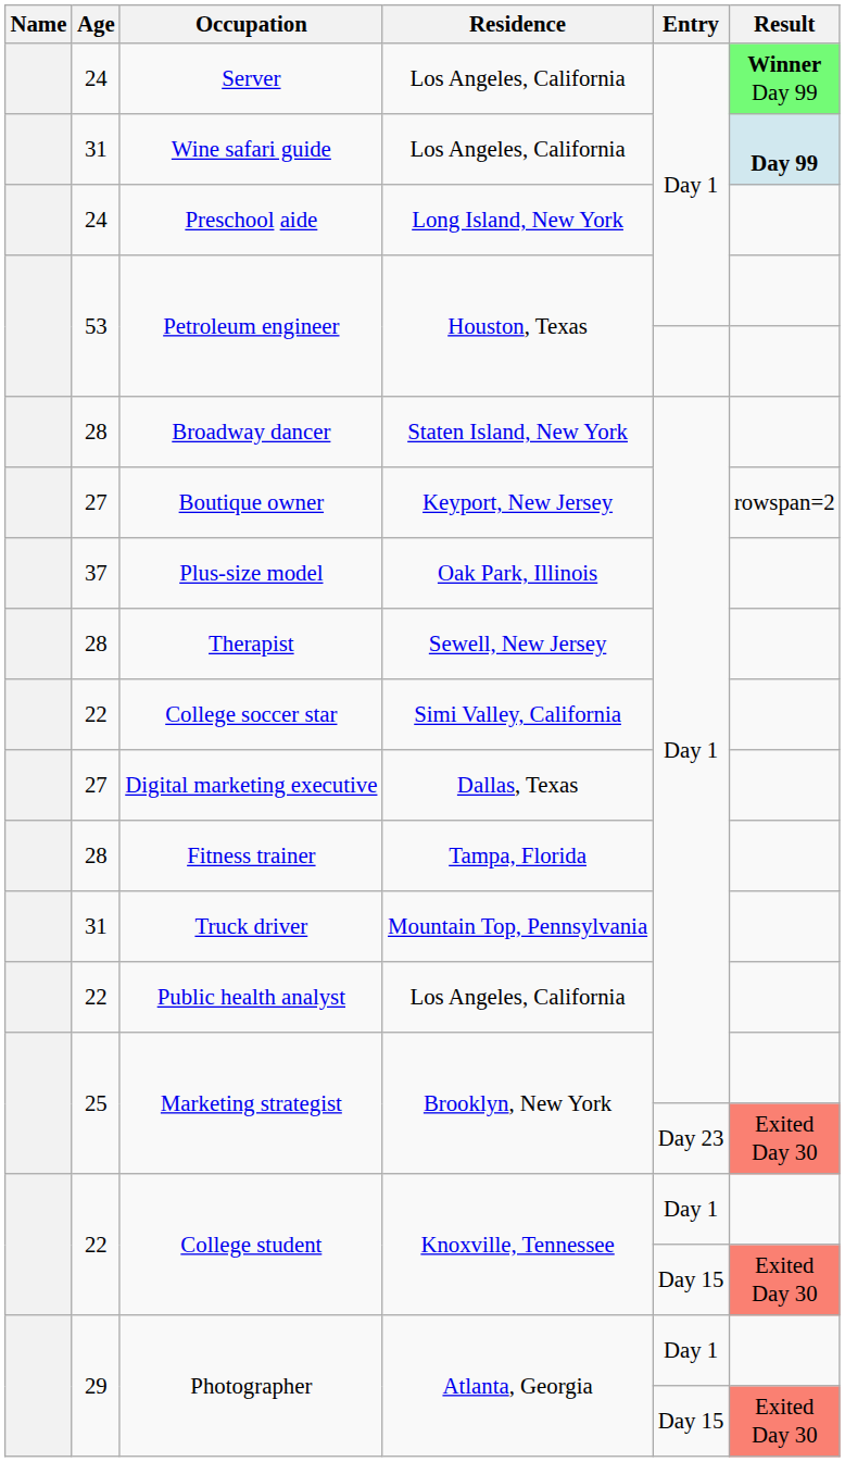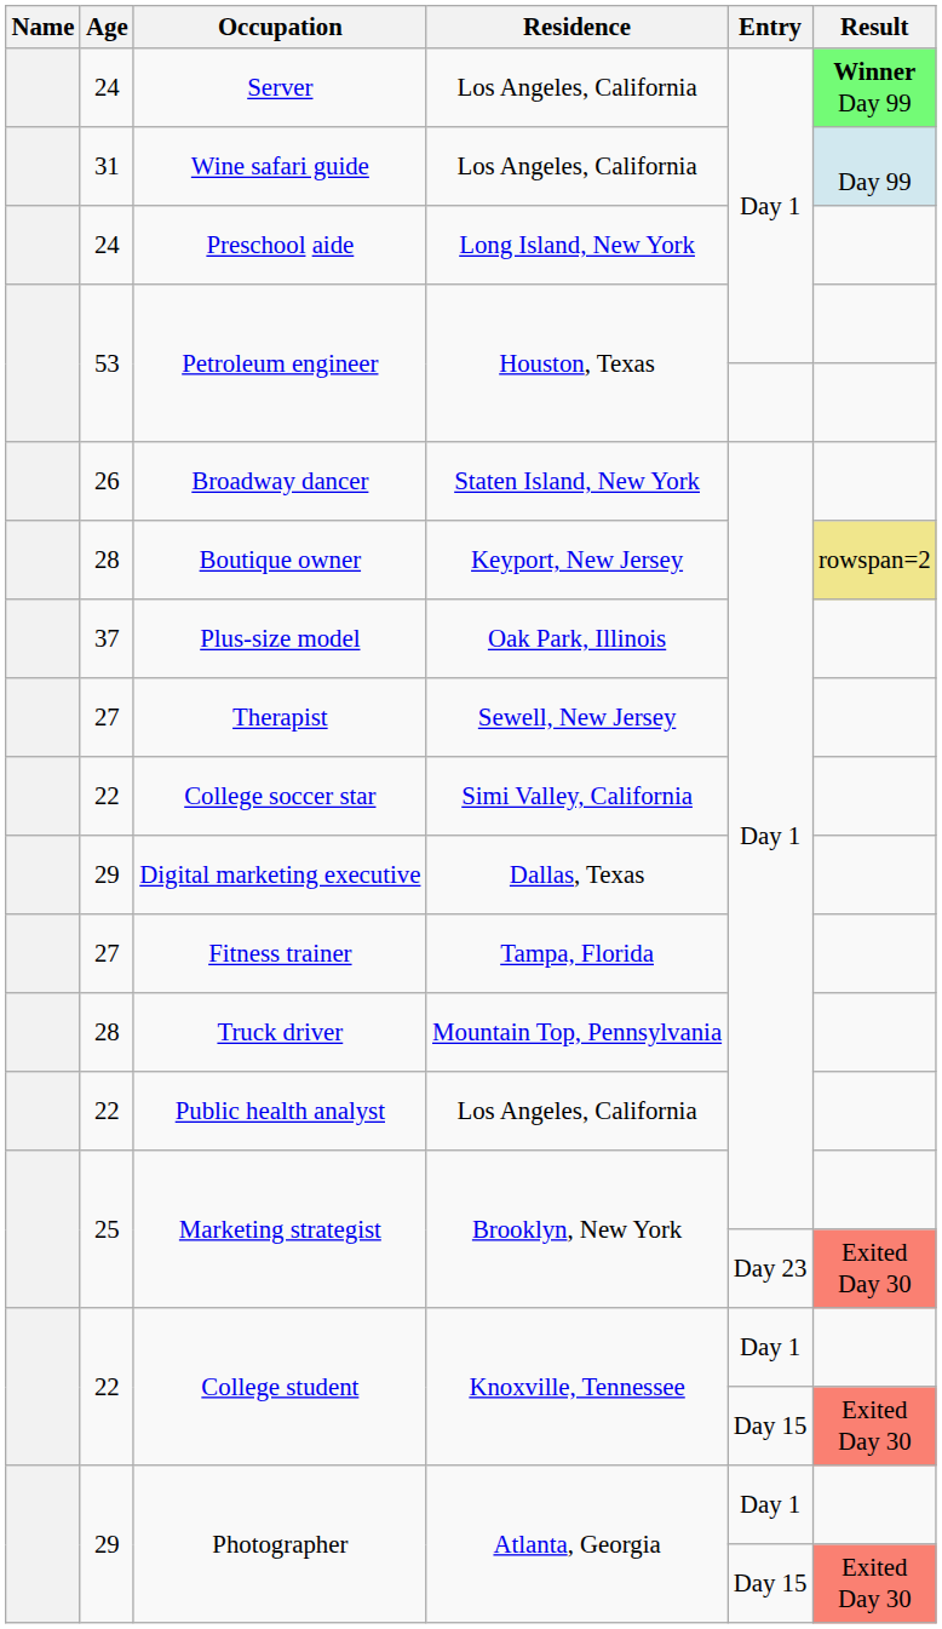 <table class="wikitable sortable" style="text-align:center; line-height:20px; ">
 <tr>
 <th scope="col">Name</th>
 <th scope="col">Age</th>
 <th scope="col" class="unsortable">Occupation</th>
 <th scope="col" class="unsortable">Residence</th>
 <th scope="col" class="unsortable">Entry</th>
 <th scope="col" class="unsortable">Result</th>
 </tr>
 <tr style="height:50px">
 <th scope="row"></th>
 <td>24</td>
 <td><a href='#'>Server</a></td>
 <td>Los Angeles, California</td>
 <td rowspan="4">Day 1</td>
 <td bgcolor="73FB76"><strong>Winner</strong><br>Day 99</td>
 </tr>
 <tr style="height:50px">
 <th scope="row"></th>
 <td>31</td>
 <td><a href='#'>Wine safari guide</a></td>
 <td>Los Angeles, California</td>
-<td bgcolor="D1E8EF"><strong><br>Day 99</strong></td>
+<td bgcolor="D1E8EF"><br>Day 99</td>
 </tr>
 <tr style="height:50px">
 <th scope="row"></th>
 <td>24</td>
 <td><a href='#'>Preschool</a> <a href='#'>aide</a></td>
 <td><a href='#'>Long Island, New York</a></td>
 <td></td>
 </tr>
 <tr style="height:50px">
 <th scope="row" rowspan="2"></th>
 <td rowspan="2">53</td>
 <td rowspan="2"><a href='#'>Petroleum engineer</a></td>
 <td rowspan="2"><a href='#'>Houston</a>, Texas</td>
 <td></td>
 </tr>
 <tr style="height:50px">
 <td></td>
 <td></td>
 </tr>
 <tr style="height:50px">
 <th scope="row"></th>
-<td>28</td>
+<td>26</td>
 <td><a href='#'>Broadway dancer</a></td>
 <td><a href='#'>Staten Island, New York</a></td>
 <td rowspan=10>Day 1</td>
 <td></td>
 </tr>
 <tr style="height:50px">
 <th scope="row"></th>
-<td>27</td>
+<td>28</td>
 <td><a href='#'>Boutique owner</a></td>
 <td><a href='#'>Keyport, New Jersey</a></td>
-<td>rowspan=2 </td>
+<td style="background: khaki;">rowspan=2 </td>
 </tr>
 <tr style="height:50px">
 <th scope="row"></th>
 <td>37</td>
 <td><a href='#'>Plus-size model</a></td>
 <td><a href='#'>Oak Park, Illinois</a></td>
 </tr>
 <tr style="height:50px">
 <th scope="row"></th>
-<td>28</td>
+<td>27</td>
 <td><a href='#'>Therapist</a></td>
 <td><a href='#'>Sewell, New Jersey</a></td>
 <td></td>
 </tr>
 <tr style="height:50px">
 <th scope="row"></th>
 <td>22</td>
 <td><a href='#'>College soccer star</a></td>
 <td><a href='#'>Simi Valley, California</a></td>
 <td></td>
 </tr>
 <tr style="height:50px">
 <th scope="row"></th>
-<td>27</td>
+<td>29</td>
 <td><a href='#'>Digital marketing executive</a></td>
 <td><a href='#'>Dallas</a>, Texas</td>
 <td></td>
 </tr>
 <tr style="height:50px">
 <th scope="row"></th>
-<td>28</td>
+<td>27</td>
 <td><a href='#'>Fitness trainer</a></td>
 <td><a href='#'>Tampa, Florida</a></td>
 <td></td>
 </tr>
 <tr style="height:50px">
 <th scope="row"></th>
-<td>31</td>
+<td>28</td>
 <td><a href='#'>Truck driver</a></td>
 <td><a href='#'>Mountain Top, Pennsylvania</a></td>
 <td></td>
 </tr>
 <tr style="height:50px">
 <th scope="row"></th>
 <td>22</td>
 <td><a href='#'>Public health analyst</a></td>
 <td>Los Angeles, California</td>
 <td></td>
 </tr>
 <tr style="height:50px">
 <th rowspan="2" scope="row"></th>
 <td rowspan="2">25</td>
 <td rowspan="2"><a href='#'>Marketing strategist</a></td>
 <td rowspan="2"><a href='#'>Brooklyn</a>, New York</td>
 <td></td>
 </tr>
 <tr style="height:50px">
 <td>Day 23</td>
 <td bgcolor="salmon">Exited<br>Day 30</td>
 </tr>
 <tr style="height:50px">
 <th rowspan="2" scope="row"></th>
 <td rowspan="2">22</td>
 <td rowspan="2"><a href='#'>College student</a></td>
 <td rowspan="2"><a href='#'>Knoxville, Tennessee</a></td>
 <td>Day 1</td>
 <td></td>
 </tr>
 <tr style="height:50px">
 <td>Day 15</td>
 <td bgcolor="salmon">Exited<br>Day 30</td>
 </tr>
 <tr style="height:50px">
 <th rowspan="2" scope="row"></th>
 <td rowspan="2">29</td>
 <td rowspan="2">Photographer</td>
 <td rowspan="2"><a href='#'>Atlanta</a>, Georgia</td>
 <td>Day 1</td>
 <td></td>
 </tr>
 <tr style="height:50px">
 <td>Day 15</td>
 <td bgcolor="salmon">Exited<br>Day 30</td>
 </tr>
 </table>
